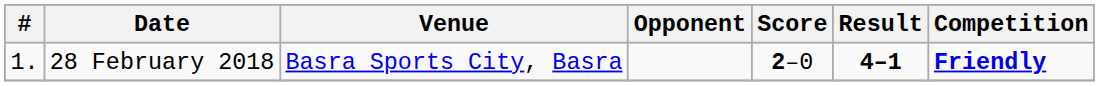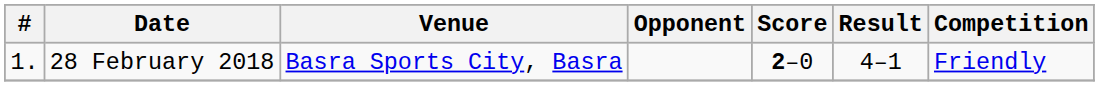 <table class="wikitable">
 <tr>
 <th>#</th>
 <th>Date</th>
 <th>Venue</th>
 <th>Opponent</th>
 <th>Score</th>
 <th>Result</th>
 <th>Competition</th>
 </tr>
 <tr>
 <td>1.</td>
 <td>28 February 2018</td>
 <td><a href='#'>Basra Sports City</a>, <a href='#'>Basra</a></td>
 <td></td>
 <td align=center><strong>2</strong>–0</td>
-<td align=center><strong>4–1</strong></td>
-<td><strong><a href='#'>Friendly</a></strong></td>
+<td align=center>4–1</td>
+<td><a href='#'>Friendly</a></td>
 </tr>
 <tr>
 </tr>
 </table>
